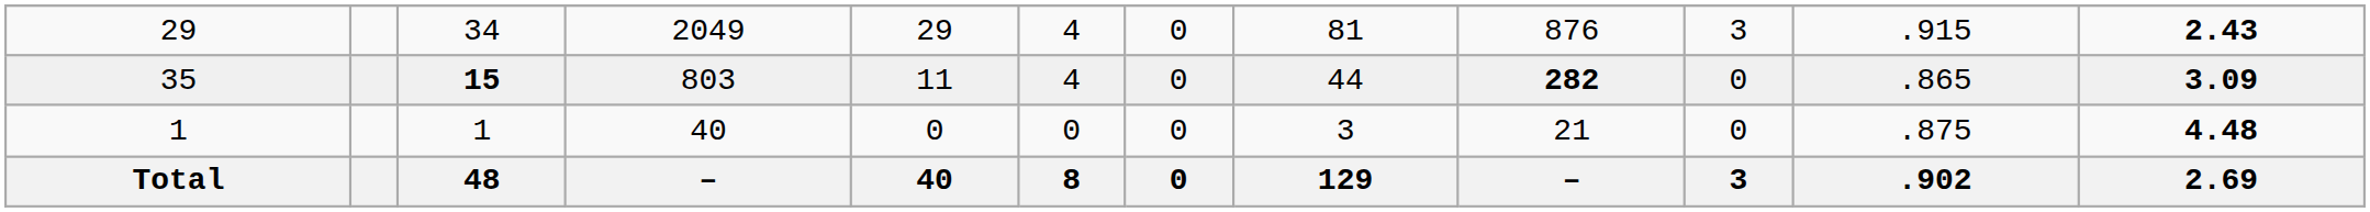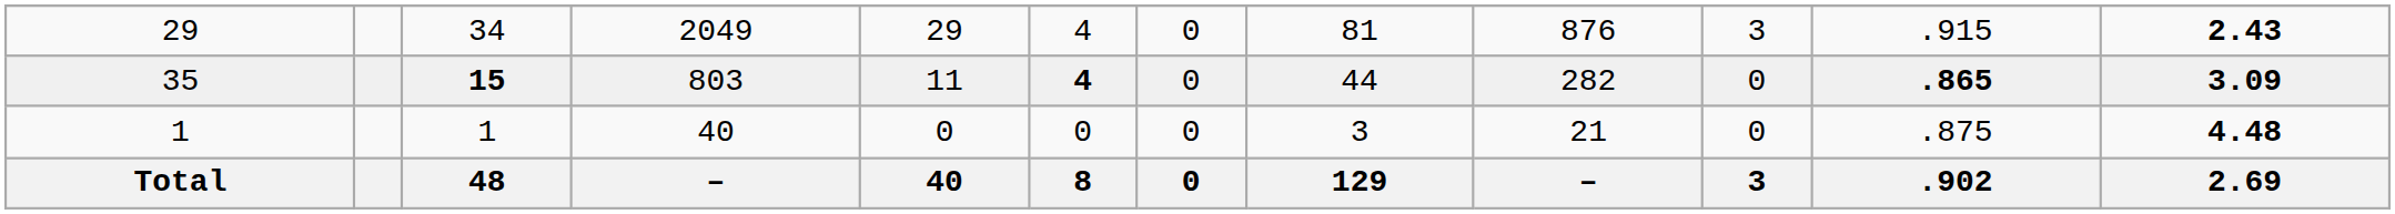 <table class="wikitable sortable" width ="1000">
 <tr align="center">
 </tr>
 <tr align="center" bgcolor=>
 <td>29</td>
 <td></td>
 <td>34</td>
 <td>2049</td>
 <td>29</td>
 <td>4</td>
 <td>0</td>
 <td>81</td>
 <td>876</td>
 <td>3</td>
 <td>.915</td>
 <td><strong>2.43</strong></td>
 </tr>
 <tr align="center" bgcolor="#f0f0f0">
 <td>35</td>
 <td></td>
 <td><strong>15</strong></td>
 <td>803</td>
 <td>11</td>
-<td>4</td>
+<td><strong>4</strong></td>
 <td>0</td>
 <td>44</td>
-<td><strong>282</strong></td>
+<td>282</td>
 <td>0</td>
-<td>.865</td>
+<td><strong>.865</strong></td>
 <td><strong>3.09</strong></td>
 </tr>
 <tr align="center" bgcolor=>
 <td>1</td>
 <td></td>
 <td>1</td>
 <td>40</td>
 <td>0</td>
 <td>0</td>
 <td>0</td>
 <td>3</td>
 <td>21</td>
 <td>0</td>
 <td>.875</td>
 <td><strong>4.48</strong></td>
 </tr>
 <tr>
 <th>Total</th>
 <th></th>
 <th>48</th>
 <th>–</th>
 <th>40</th>
 <th>8</th>
 <th>0</th>
 <th>129</th>
 <th>–</th>
 <th>3</th>
 <th>.902</th>
 <th>2.69</th>
 </tr>
 </table>
